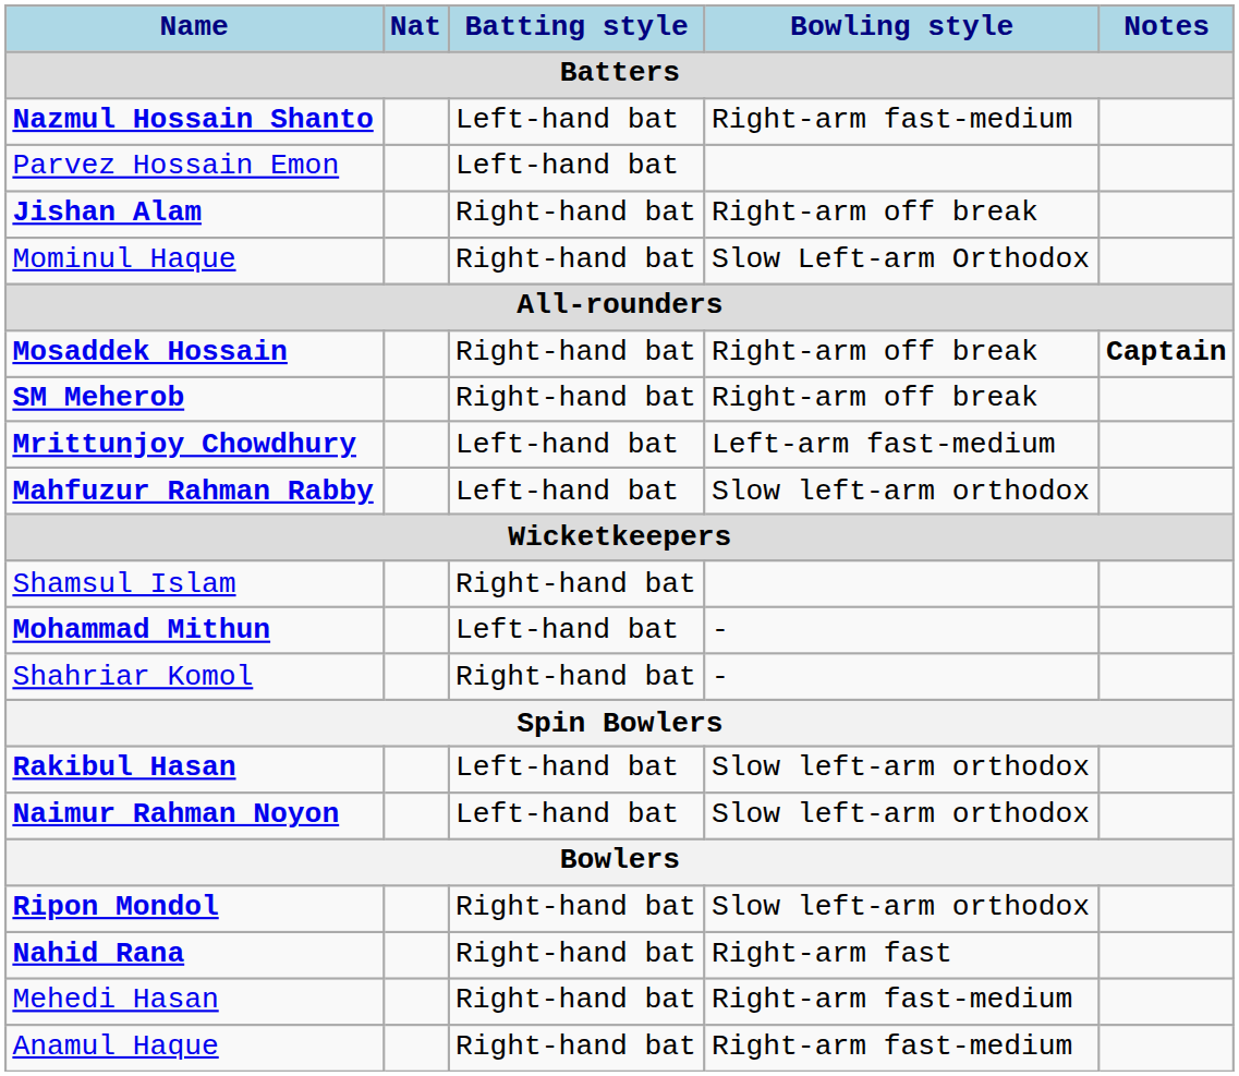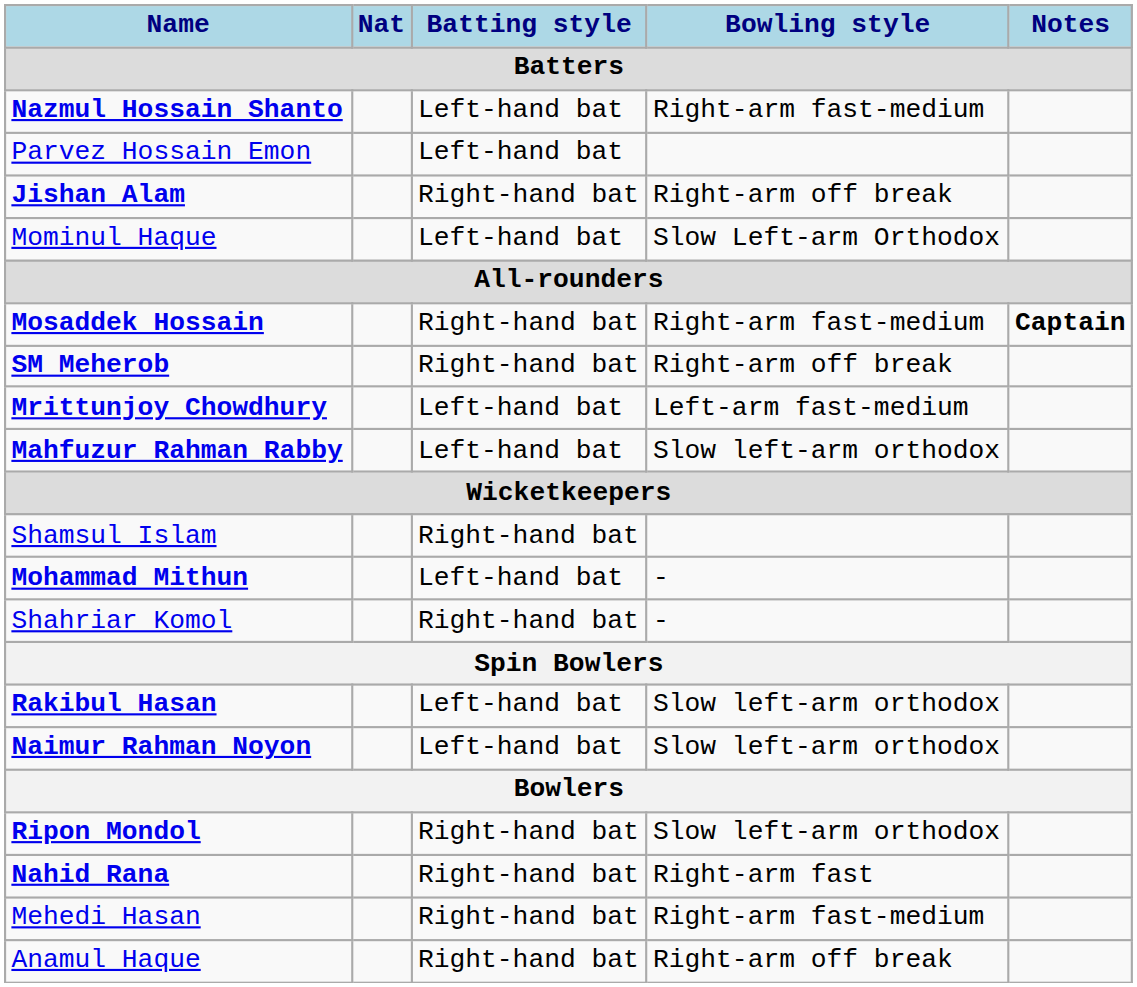 <table class="wikitable"  style="font-size:95%;" width="60%">
 <tr>
 <th style="background:#ADD8E6; color:navy; text-align:center;">Name</th>
 <th style="background:#ADD8E6; color:navy; text-align:center;">Nat</th>
 <th style="background:#ADD8E6; color:navy; text-align:center;">Batting style</th>
 <th style="background:#ADD8E6; color:navy; text-align:center;">Bowling style</th>
 <th style="background:#ADD8E6; color:navy; text-align:center;">Notes</th>
 </tr>
 <tr>
 <th colspan="7"  style="background:#dcdcdc; text-align:center;">Batters</th>
 </tr>
 <tr>
 <td><strong><a href='#'>Nazmul Hossain Shanto</a></strong></td>
 <td></td>
 <td>Left-hand bat</td>
 <td>Right-arm fast-medium</td>
 <td></td>
 </tr>
 <tr>
 <td><a href='#'>Parvez Hossain Emon</a></td>
 <td></td>
 <td>Left-hand bat</td>
 <td></td>
 <td></td>
 </tr>
 <tr>
 <td><strong><a href='#'>Jishan Alam</a></strong></td>
 <td></td>
 <td>Right-hand bat</td>
 <td>Right-arm off break</td>
 <td></td>
 </tr>
 <tr>
 <td><a href='#'>Mominul Haque</a></td>
 <td></td>
-<td>Right-hand bat</td>
+<td>Left-hand bat</td>
 <td>Slow Left-arm Orthodox</td>
 <td></td>
 </tr>
 <tr>
 <th colspan="6"  style="background:#dcdcdc; text-align:center;">All-rounders</th>
 </tr>
 <tr>
 <td><strong><a href='#'>Mosaddek Hossain</a></strong></td>
 <td style="text-align:centre"></td>
 <td>Right-hand bat</td>
-<td>Right-arm off break</td>
+<td>Right-arm fast-medium</td>
 <td><strong>Captain</strong></td>
 </tr>
 <tr>
 <td><strong><a href='#'>SM Meherob</a></strong></td>
 <td style="text-align:centre;"></td>
 <td>Right-hand bat</td>
 <td>Right-arm off break</td>
 <td></td>
 </tr>
 <tr>
 <td><strong><a href='#'>Mrittunjoy Chowdhury</a></strong></td>
 <td style="text-align:centre;"></td>
 <td>Left-hand bat</td>
 <td>Left-arm fast-medium</td>
 <td></td>
 </tr>
 <tr>
 <td><strong><a href='#'>Mahfuzur Rahman Rabby</a></strong></td>
 <td style="text-align:centre;"></td>
 <td>Left-hand bat</td>
 <td>Slow left-arm orthodox</td>
 <td></td>
 </tr>
 <tr>
 <th colspan="6"  style="background:#dcdcdc; text-align:center;">Wicketkeepers</th>
 </tr>
 <tr>
 <td><a href='#'> Shamsul Islam</a></td>
 <td style="text-align:center"></td>
 <td>Right-hand bat</td>
 <td></td>
 <td></td>
 </tr>
 <tr>
 <td><strong><a href='#'>Mohammad Mithun</a></strong></td>
 <td style="text-align:center"></td>
 <td>Left-hand bat</td>
 <td>-</td>
 <td></td>
 </tr>
 <tr>
 <td><a href='#'>Shahriar Komol</a></td>
 <td style="text-align:center"></td>
 <td>Right-hand bat</td>
 <td>-</td>
 <td></td>
 </tr>
 <tr>
 <th colspan="6"  style="background#dcdcdc; text-align:center">Spin Bowlers</th>
 </tr>
 <tr>
 <td><strong><a href='#'>Rakibul Hasan</a></strong></td>
 <td style="text-align:centre;"></td>
 <td>Left-hand bat</td>
 <td>Slow left-arm orthodox</td>
 <td></td>
 </tr>
 <tr>
 <td><strong><a href='#'>Naimur Rahman Noyon </a></strong></td>
 <td style="text-align:centre;"></td>
 <td>Left-hand bat</td>
 <td>Slow left-arm orthodox</td>
 <td></td>
 </tr>
 <tr>
 <th colspan="6"  style="background#dcdcdc; text-align:center">Bowlers</th>
 </tr>
 <tr>
 <td><strong><a href='#'>Ripon Mondol</a></strong></td>
 <td style="text-align:centre;"></td>
 <td>Right-hand bat</td>
 <td>Slow left-arm orthodox</td>
 <td></td>
 </tr>
 <tr>
 <td><strong><a href='#'>Nahid Rana</a></strong></td>
 <td style=-"text-align:centre;"></td>
 <td>Right-hand bat</td>
 <td>Right-arm fast</td>
 <td></td>
 </tr>
 <tr>
 <td><a href='#'>Mehedi Hasan</a></td>
 <td style="text-align:centre;"></td>
 <td>Right-hand bat</td>
 <td>Right-arm fast-medium</td>
 <td></td>
 </tr>
 <tr>
 <td><a href='#'>Anamul Haque</a></td>
 <td style=-"text-align:centre;"></td>
 <td>Right-hand bat</td>
-<td>Right-arm fast-medium</td>
+<td>Right-arm off break</td>
 <td></td>
 </tr>
 </table>
